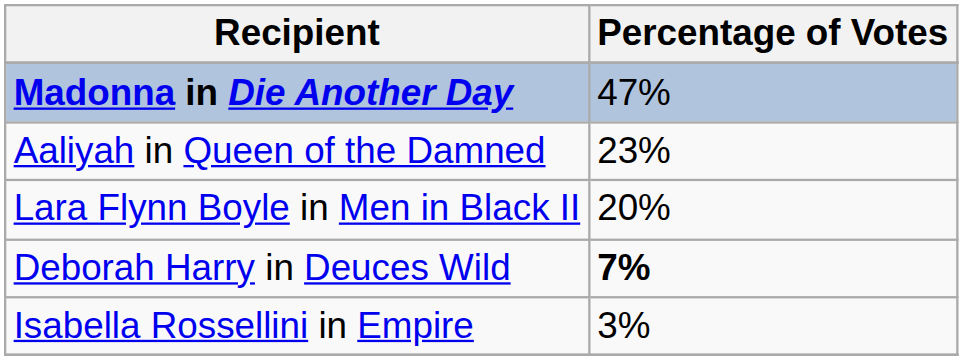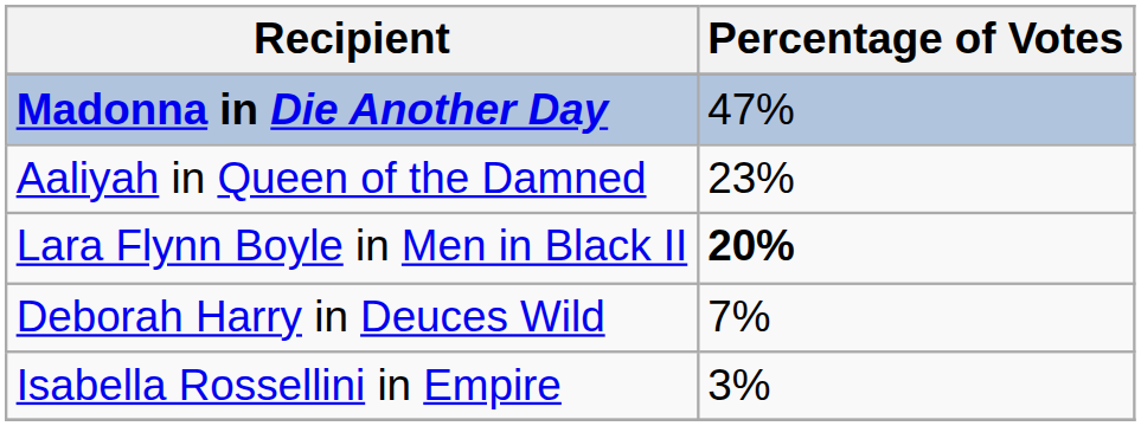 <table class="wikitable sortable plainrowheaders" align="centre">
 <tr>
 <th>Recipient</th>
 <th>Percentage of Votes</th>
 </tr>
 <tr>
 </tr>
 <tr style="background:#B0C4DE;">
 <td><strong><a href='#'>Madonna</a> in <em><a href='#'>Die Another Day</a><strong><em></td>
 <td></strong>47%<strong></td>
 </tr>
 <tr>
 <td><a href='#'>Aaliyah</a> in </em><a href='#'>Queen of the Damned</a><em></td>
 <td>23%</td>
 </tr>
 <tr>
 <td><a href='#'>Lara Flynn Boyle</a> in </em><a href='#'>Men in Black II</a><em></td>
-<td>20%</td>
+<td><strong>20%</strong></td>
 </tr>
 <tr>
 <td><a href='#'>Deborah Harry</a> in </em><a href='#'>Deuces Wild</a><em></td>
-<td><strong>7%</strong></td>
+<td>7%</td>
 </tr>
 <tr>
 <td><a href='#'>Isabella Rossellini</a> in </em><a href='#'>Empire</a><em></td>
 <td>3%</td>
 </tr>
 <tr>
 </tr>
 </table>
